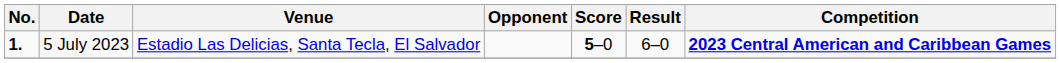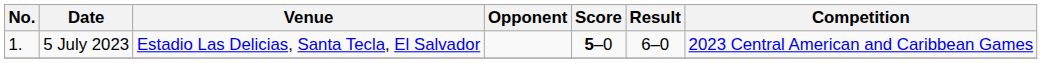 <table class="wikitable">
 <tr>
 <th>No.</th>
 <th>Date</th>
 <th>Venue</th>
 <th>Opponent</th>
 <th>Score</th>
 <th>Result</th>
 <th>Competition</th>
 </tr>
 <tr>
-<td><strong>1.</strong></td>
+<td>1.</td>
 <td>5 July 2023</td>
 <td><a href='#'>Estadio Las Delicias</a>, <a href='#'>Santa Tecla</a>, <a href='#'>El Salvador</a></td>
 <td></td>
 <td align=center><strong>5</strong>–0</td>
 <td align=center>6–0</td>
-<td><strong><a href='#'>2023 Central American and Caribbean Games</a></strong></td>
+<td><a href='#'>2023 Central American and Caribbean Games</a></td>
 </tr>
 <tr>
 </tr>
 </table>
